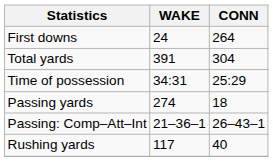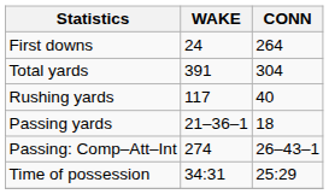 <table class="wikitable" style="float: left;">
 <tr>
 <th>Statistics</th>
 <th>WAKE</th>
 <th>CONN</th>
 </tr>
 <tr>
 <td>First downs</td>
 <td>24</td>
 <td>264</td>
 </tr>
 <tr>
 <td>Total yards</td>
 <td>391</td>
 <td>304</td>
 </tr>
 <tr>
+<td>Rushing yards</td>
+<td>117</td>
+<td>40</td>
+</tr>
+<tr>
+<td>Passing yards</td>
+<td>21–36–1</td>
+<td>18</td>
+</tr>
+<tr>
+<td>Passing: Comp–Att–Int</td>
+<td>274</td>
+<td>26–43–1</td>
+</tr>
+<tr>
 <td>Time of possession</td>
 <td>34:31</td>
 <td>25:29</td>
 </tr>
 <tr>
-<td>Passing yards</td>
-<td>274</td>
-<td>18</td>
-</tr>
-<tr>
-<td>Passing: Comp–Att–Int</td>
-<td>21–36–1</td>
-<td>26–43–1</td>
-</tr>
-<tr>
-<td>Rushing yards</td>
-<td>117</td>
-<td>40</td>
-</tr>
-<tr>
 </tr>
 </table>
